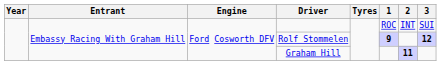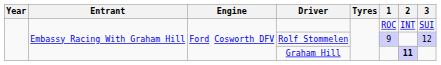 <table class="wikitable" style="text-align:center; font-size:90%">
 <tr>
 <th>Year</th>
 <th>Entrant</th>
 <th>Engine</th>
 <th>Driver</th>
 <th>Tyres</th>
 <th>1</th>
 <th>2</th>
 <th>3</th>
 </tr>
 <tr>
 <td rowspan="3"></td>
 <td rowspan="3"><a href='#'>Embassy Racing With Graham Hill</a></td>
 <td rowspan="3"><a href='#'>Ford</a> <a href='#'>Cosworth DFV</a></td>
 <td></td>
 <td rowspan="3"></td>
 <td><a href='#'>ROC</a></td>
 <td><a href='#'>INT</a></td>
 <td><a href='#'>SUI</a></td>
 </tr>
 <tr>
 <td><a href='#'>Rolf Stommelen</a></td>
-<td style="background:#CFCFFF;"><strong>9</strong></td>
+<td style="background:#CFCFFF;">9</td>
 <td></td>
-<td style="background:#CFCFFF;"><strong>12</strong></td>
+<td style="background:#CFCFFF;">12</td>
 </tr>
 <tr>
 <td><a href='#'>Graham Hill</a></td>
 <td></td>
 <td style="background:#CFCFFF;"><strong>11</strong></td>
 <td></td>
 </tr>
 </table>
